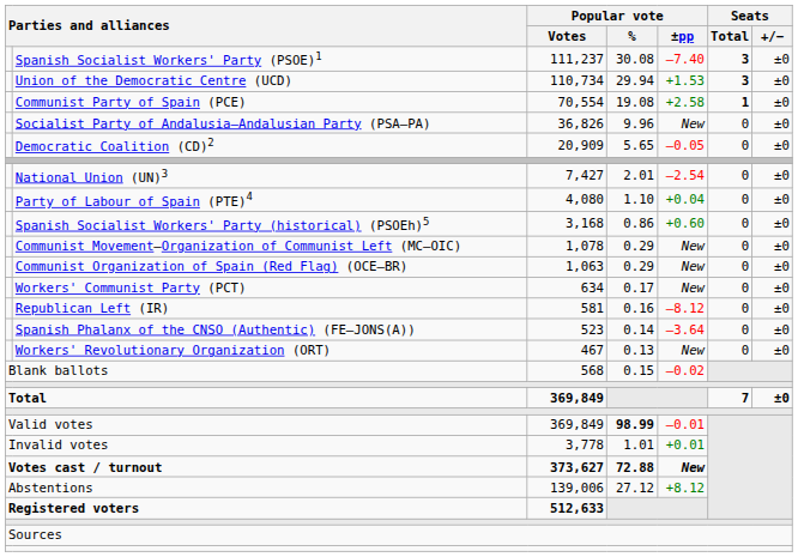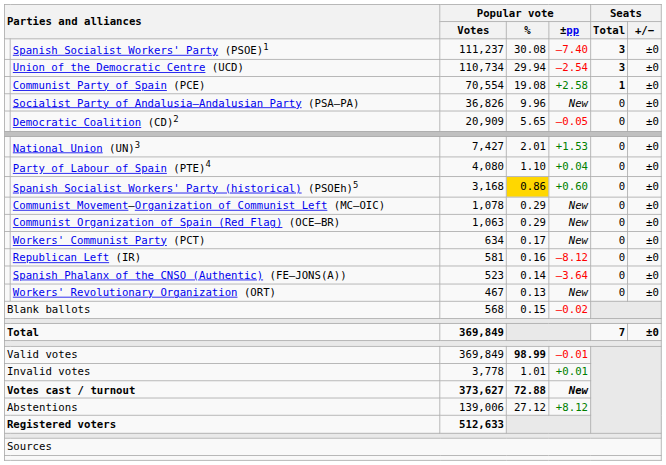 <table class="wikitable" style="text-align:right;">
 <tr>
 <th style="text-align:left;" rowspan="2" colspan="2" width="525">Parties and alliances</th>
 <th colspan="3">Popular vote</th>
 <th colspan="2">Seats</th>
 </tr>
 <tr>
 <th width="75">Votes</th>
 <th width="45">%</th>
 <th width="45">±<a href='#'>pp</a></th>
 <th width="35">Total</th>
 <th width="35">+/−</th>
 </tr>
 <tr>
 <td width="1" style="color:inherit;background:"></td>
 <td align="left"><a href='#'>Spanish Socialist Workers' Party</a> (PSOE)<sup>1</sup></td>
 <td>111,237</td>
 <td>30.08</td>
 <td style="color:red;">–7.40</td>
 <td><strong>3</strong></td>
 <td>±0</td>
 </tr>
 <tr>
 <td style="color:inherit;background:"></td>
 <td align="left"><a href='#'>Union of the Democratic Centre</a> (UCD)</td>
 <td>110,734</td>
 <td>29.94</td>
-<td style="color:green;">+1.53</td>
+<td style="color:red;">–2.54</td>
 <td><strong>3</strong></td>
 <td>±0</td>
 </tr>
 <tr>
 <td style="color:inherit;background:"></td>
 <td align="left"><a href='#'>Communist Party of Spain</a> (PCE)</td>
 <td>70,554</td>
 <td>19.08</td>
 <td style="color:green;">+2.58</td>
 <td><strong>1</strong></td>
 <td>±0</td>
 </tr>
 <tr>
 <td style="color:inherit;background:"></td>
 <td align="left"><a href='#'>Socialist Party of Andalusia–Andalusian Party</a> (PSA–PA)</td>
 <td>36,826</td>
 <td>9.96</td>
 <td><em>New</em></td>
 <td>0</td>
 <td>±0</td>
 </tr>
 <tr>
 <td style="color:inherit;background:"></td>
 <td align="left"><a href='#'>Democratic Coalition</a> (CD)<sup>2</sup></td>
 <td>20,909</td>
 <td>5.65</td>
 <td style="color:red;">–0.05</td>
 <td>0</td>
 <td>±0</td>
 </tr>
 <tr>
 <td colspan="7" bgcolor="#C0C0C0"></td>
 </tr>
 <tr>
 <td style="color:inherit;background:"></td>
 <td align="left"><a href='#'>National Union</a> (UN)<sup>3</sup></td>
 <td>7,427</td>
 <td>2.01</td>
-<td style="color:red;">–2.54</td>
+<td style="color:green;">+1.53</td>
 <td>0</td>
 <td>±0</td>
 </tr>
 <tr>
 <td style="color:inherit;background:"></td>
 <td align="left"><a href='#'>Party of Labour of Spain</a> (PTE)<sup>4</sup></td>
 <td>4,080</td>
 <td>1.10</td>
 <td style="color:green;">+0.04</td>
 <td>0</td>
 <td>±0</td>
 </tr>
 <tr>
 <td style="color:inherit;background:"></td>
 <td align="left"><a href='#'>Spanish Socialist Workers' Party (historical)</a> (PSOEh)<sup>5</sup></td>
 <td>3,168</td>
-<td>0.86</td>
+<td style="background: gold;">0.86</td>
 <td style="color:green;">+0.60</td>
 <td>0</td>
 <td>±0</td>
 </tr>
 <tr>
 <td style="color:inherit;background:"></td>
 <td align="left"><a href='#'>Communist Movement</a>–<a href='#'>Organization of Communist Left</a> (MC–OIC)</td>
 <td>1,078</td>
 <td>0.29</td>
 <td><em>New</em></td>
 <td>0</td>
 <td>±0</td>
 </tr>
 <tr>
 <td style="color:inherit;background:"></td>
 <td align="left"><a href='#'>Communist Organization of Spain (Red Flag)</a> (OCE–BR)</td>
 <td>1,063</td>
 <td>0.29</td>
 <td><em>New</em></td>
 <td>0</td>
 <td>±0</td>
 </tr>
 <tr>
 <td style="color:inherit;background:"></td>
 <td align="left"><a href='#'>Workers' Communist Party</a> (PCT)</td>
 <td>634</td>
 <td>0.17</td>
 <td><em>New</em></td>
 <td>0</td>
 <td>±0</td>
 </tr>
 <tr>
 <td style="color:inherit;background:"></td>
 <td align="left"><a href='#'>Republican Left</a> (IR)</td>
 <td>581</td>
 <td>0.16</td>
 <td style="color:red;">–8.12</td>
 <td>0</td>
 <td>±0</td>
 </tr>
 <tr>
 <td style="color:inherit;background:"></td>
 <td align="left"><a href='#'>Spanish Phalanx of the CNSO (Authentic)</a> (FE–JONS(A))</td>
 <td>523</td>
 <td>0.14</td>
 <td style="color:red;">–3.64</td>
 <td>0</td>
 <td>±0</td>
 </tr>
 <tr>
 <td style="color:inherit;background:"></td>
 <td align="left"><a href='#'>Workers' Revolutionary Organization</a> (ORT)</td>
 <td>467</td>
 <td>0.13</td>
 <td><em>New</em></td>
 <td>0</td>
 <td>±0</td>
 </tr>
 <tr>
 <td align="left" colspan="2">Blank ballots</td>
 <td>568</td>
 <td>0.15</td>
 <td style="color:red;">–0.02</td>
 <td bgcolor="#E9E9E9" colspan="2"></td>
 </tr>
 <tr>
 <td colspan="7" bgcolor="#E9E9E9"></td>
 </tr>
 <tr style="font-weight:bold;">
 <td align="left" colspan="2">Total</td>
 <td>369,849</td>
 <td bgcolor="#E9E9E9" colspan="2"></td>
 <td>7</td>
 <td>±0</td>
 </tr>
 <tr>
 <td colspan="7" bgcolor="#E9E9E9"></td>
 </tr>
 <tr>
 <td align="left" colspan="2">Valid votes</td>
 <td>369,849</td>
 <td><strong>98.99</strong></td>
 <td style="color:red;">–0.01</td>
 <td bgcolor="#E9E9E9" colspan="2" rowspan="5"></td>
 </tr>
 <tr>
 <td align="left" colspan="2">Invalid votes</td>
 <td>3,778</td>
 <td>1.01</td>
 <td style="color:green;">+0.01</td>
 </tr>
 <tr style="font-weight:bold;">
 <td align="left" colspan="2">Votes cast / turnout</td>
 <td>373,627</td>
 <td>72.88</td>
 <td><em>New</em></td>
 </tr>
 <tr>
 <td align="left" colspan="2">Abstentions</td>
 <td>139,006</td>
 <td>27.12</td>
 <td style="color:green;">+8.12</td>
 </tr>
 <tr style="font-weight:bold;">
 <td align="left" colspan="2">Registered voters</td>
 <td>512,633</td>
 <td bgcolor="#E9E9E9" colspan="2"></td>
 </tr>
 <tr>
 <td colspan="7" bgcolor="#E9E9E9"></td>
 </tr>
 <tr>
 <td align="left" colspan="7">Sources</td>
 </tr>
 <tr>
 <td colspan="7" style="text-align:left; max-width:790px;"></td>
 </tr>
 </table>
